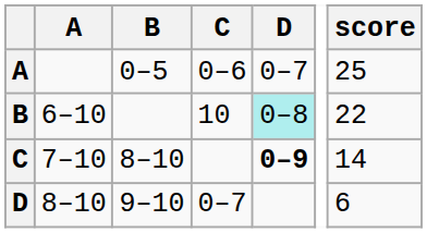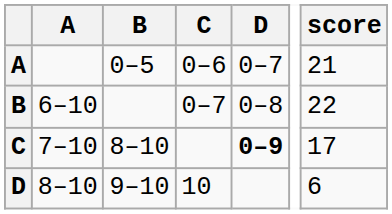 <table class="wikitable" style="border:none">
 <tr>
 <th></th>
 <th>A</th>
 <th>B</th>
 <th>C</th>
 <th>D</th>
 <td rowspan="5" style="border: none; background: white;"></td>
 <th>score</th>
 </tr>
 <tr>
 <th>A</th>
 <td></td>
 <td>0–5</td>
 <td>0–6</td>
 <td>0–7</td>
-<td>25</td>
+<td>21</td>
 </tr>
 <tr>
 <th>B</th>
 <td>6–10</td>
 <td></td>
-<td>10</td>
-<td style="background: paleturquoise;">0–8</td>
+<td>0–7</td>
+<td>0–8</td>
 <td>22</td>
 </tr>
 <tr>
 <th>C</th>
 <td>7–10</td>
 <td>8–10</td>
 <td></td>
 <td><strong>0–9</strong></td>
-<td>14</td>
+<td>17</td>
 </tr>
 <tr>
 <th>D</th>
 <td>8–10</td>
 <td>9–10</td>
-<td>0–7</td>
+<td>10</td>
 <td></td>
 <td>6</td>
 </tr>
 </table>
